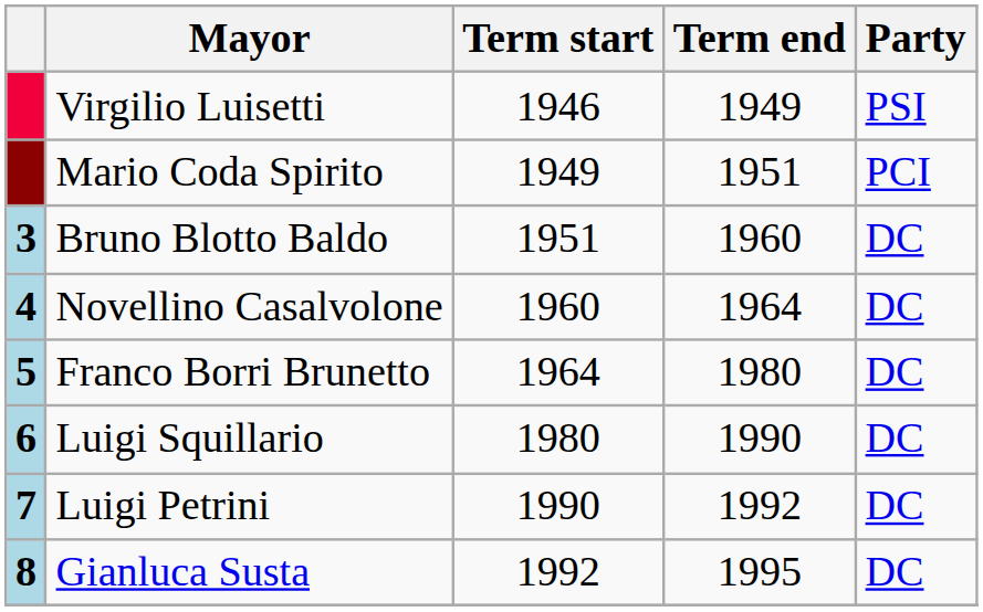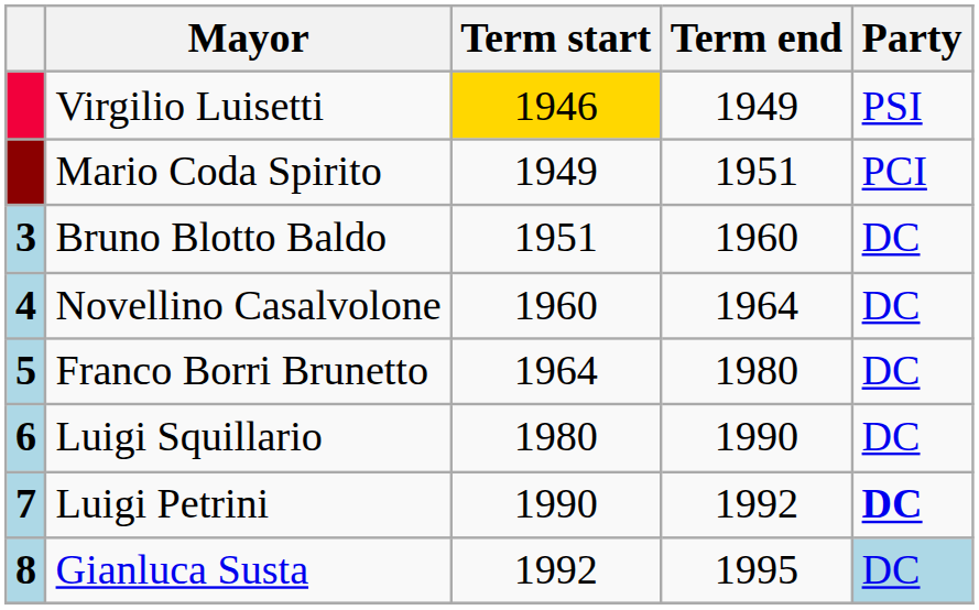 <table class="wikitable">
 <tr>
 <th class=unsortable> </th>
 <th>Mayor</th>
 <th>Term start</th>
 <th>Term end</th>
 <th>Party</th>
 </tr>
 <tr>
 <th style="background:#F2003C;"></th>
 <td>Virgilio Luisetti</td>
-<td align=center>1946</td>
+<td align=center style="background: gold;">1946</td>
 <td align=center>1949</td>
 <td><a href='#'>PSI</a></td>
 </tr>
 <tr>
 <th style="background:#8B0000;"></th>
 <td>Mario Coda Spirito</td>
 <td align=center>1949</td>
 <td align=center>1951</td>
 <td><a href='#'>PCI</a></td>
 </tr>
 <tr>
 <th style="background:#ADD8E6;">3</th>
 <td>Bruno Blotto Baldo</td>
 <td align=center>1951</td>
 <td align=center>1960</td>
 <td><a href='#'>DC</a></td>
 </tr>
 <tr>
 <th style="background:#ADD8E6;">4</th>
 <td>Novellino Casalvolone</td>
 <td align=center>1960</td>
 <td align=center>1964</td>
 <td><a href='#'>DC</a></td>
 </tr>
 <tr>
 <th style="background:#ADD8E6;">5</th>
 <td>Franco Borri Brunetto</td>
 <td align=center>1964</td>
 <td align=center>1980</td>
 <td><a href='#'>DC</a></td>
 </tr>
 <tr>
 <th style="background:#ADD8E6;">6</th>
 <td>Luigi Squillario</td>
 <td align=center>1980</td>
 <td align=center>1990</td>
 <td><a href='#'>DC</a></td>
 </tr>
 <tr>
 <th style="background:#ADD8E6;">7</th>
 <td>Luigi Petrini</td>
 <td align=center>1990</td>
 <td align=center>1992</td>
-<td><a href='#'>DC</a></td>
+<td><strong><a href='#'>DC</a></strong></td>
 </tr>
 <tr>
 <th style="background:#ADD8E6;">8</th>
 <td><a href='#'>Gianluca Susta</a></td>
 <td align=center>1992</td>
 <td align=center>1995</td>
-<td><a href='#'>DC</a></td>
+<td style="background: lightblue;"><a href='#'>DC</a></td>
 </tr>
 <tr>
 </tr>
 </table>
